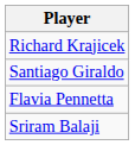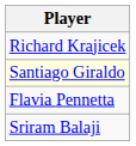 <table class="wikitable">
 <tr>
 <th>Player</th>
 </tr>
 <tr>
 <td> <a href='#'>Richard Krajicek</a></td>
 </tr>
 <tr>
-<td> <a href='#'>Santiago Giraldo</a></td>
+<td style="background: lightyellow;"> <a href='#'>Santiago Giraldo</a></td>
 </tr>
 <tr>
 <td> <a href='#'>Flavia Pennetta</a></td>
 </tr>
 <tr>
 <td> <a href='#'>Sriram Balaji</a></td>
 </tr>
 </table>
